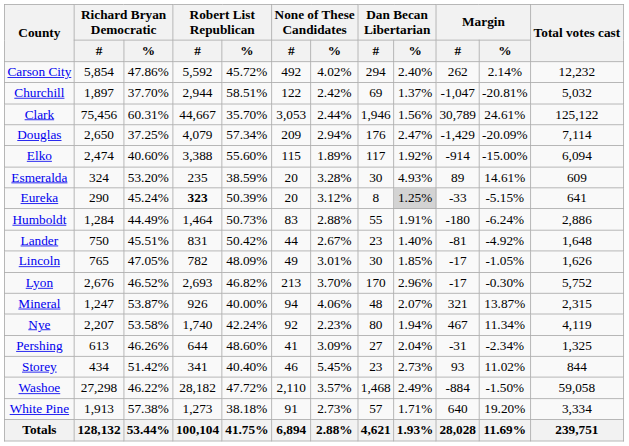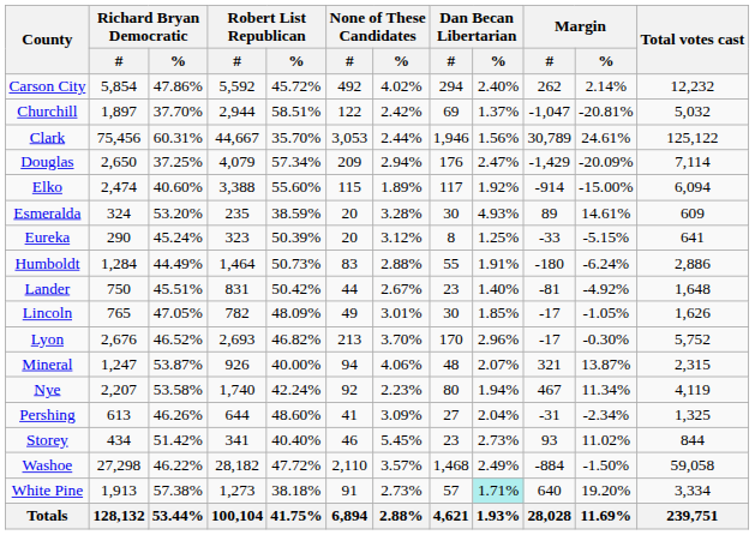 <table class="wikitable sortable" style="text-align:center">
 <tr>
 <th rowspan="2">County</th>
 <th style="text-align:center;" colspan="2">Richard Bryan<br>Democratic</th>
 <th style="text-align:center;" colspan="2">Robert List<br>Republican</th>
 <th style="text-align:center;" colspan="2">None of These<br>Candidates</th>
 <th style="text-align:center;" colspan="2">Dan Becan<br>Libertarian</th>
 <th style="text-align:center;" colspan="2">Margin</th>
 <th style="text-align:center;" rowspan="2">Total votes cast</th>
 </tr>
 <tr>
 <th style="text-align:center;" data-sort-type="number">#</th>
 <th style="text-align:center;" data-sort-type="number">%</th>
 <th style="text-align:center;" data-sort-type="number">#</th>
 <th style="text-align:center;" data-sort-type="number">%</th>
 <th style="text-align:center;" data-sort-type="number">#</th>
 <th style="text-align:center;" data-sort-type="number">%</th>
 <th style="text-align:center;" data-sort-type="number">#</th>
 <th style="text-align:center;" data-sort-type="number">%</th>
 <th style="text-align:center;" data-sort-type="number">#</th>
 <th style="text-align:center;" data-sort-type="number">%</th>
 </tr>
 <tr style="text-align:center;">
 <td><a href='#'>Carson City</a></td>
 <td>5,854</td>
 <td>47.86%</td>
 <td>5,592</td>
 <td>45.72%</td>
 <td>492</td>
 <td>4.02%</td>
 <td>294</td>
 <td>2.40%</td>
 <td>262</td>
 <td>2.14%</td>
 <td>12,232</td>
 </tr>
 <tr style="text-align:center;">
 <td><a href='#'>Churchill</a></td>
 <td>1,897</td>
 <td>37.70%</td>
 <td>2,944</td>
 <td>58.51%</td>
 <td>122</td>
 <td>2.42%</td>
 <td>69</td>
 <td>1.37%</td>
 <td>-1,047</td>
 <td>-20.81%</td>
 <td>5,032</td>
 </tr>
 <tr style="text-align:center;">
 <td><a href='#'>Clark</a></td>
 <td>75,456</td>
 <td>60.31%</td>
 <td>44,667</td>
 <td>35.70%</td>
 <td>3,053</td>
 <td>2.44%</td>
 <td>1,946</td>
 <td>1.56%</td>
 <td>30,789</td>
 <td>24.61%</td>
 <td>125,122</td>
 </tr>
 <tr style="text-align:center;">
 <td><a href='#'>Douglas</a></td>
 <td>2,650</td>
 <td>37.25%</td>
 <td>4,079</td>
 <td>57.34%</td>
 <td>209</td>
 <td>2.94%</td>
 <td>176</td>
 <td>2.47%</td>
 <td>-1,429</td>
 <td>-20.09%</td>
 <td>7,114</td>
 </tr>
 <tr style="text-align:center;">
 <td><a href='#'>Elko</a></td>
 <td>2,474</td>
 <td>40.60%</td>
 <td>3,388</td>
 <td>55.60%</td>
 <td>115</td>
 <td>1.89%</td>
 <td>117</td>
 <td>1.92%</td>
 <td>-914</td>
 <td>-15.00%</td>
 <td>6,094</td>
 </tr>
 <tr style="text-align:center;">
 <td><a href='#'>Esmeralda</a></td>
 <td>324</td>
 <td>53.20%</td>
 <td>235</td>
 <td>38.59%</td>
 <td>20</td>
 <td>3.28%</td>
 <td>30</td>
 <td>4.93%</td>
 <td>89</td>
 <td>14.61%</td>
 <td>609</td>
 </tr>
 <tr style="text-align:center;">
 <td><a href='#'>Eureka</a></td>
 <td>290</td>
 <td>45.24%</td>
-<td><strong>323</strong></td>
+<td>323</td>
 <td>50.39%</td>
 <td>20</td>
 <td>3.12%</td>
 <td>8</td>
-<td style="background: lightgrey;">1.25%</td>
+<td>1.25%</td>
 <td>-33</td>
 <td>-5.15%</td>
 <td>641</td>
 </tr>
 <tr style="text-align:center;">
 <td><a href='#'>Humboldt</a></td>
 <td>1,284</td>
 <td>44.49%</td>
 <td>1,464</td>
 <td>50.73%</td>
 <td>83</td>
 <td>2.88%</td>
 <td>55</td>
 <td>1.91%</td>
 <td>-180</td>
 <td>-6.24%</td>
 <td>2,886</td>
 </tr>
 <tr style="text-align:center;">
 <td><a href='#'>Lander</a></td>
 <td>750</td>
 <td>45.51%</td>
 <td>831</td>
 <td>50.42%</td>
 <td>44</td>
 <td>2.67%</td>
 <td>23</td>
 <td>1.40%</td>
 <td>-81</td>
 <td>-4.92%</td>
 <td>1,648</td>
 </tr>
 <tr style="text-align:center;">
 <td><a href='#'>Lincoln</a></td>
 <td>765</td>
 <td>47.05%</td>
 <td>782</td>
 <td>48.09%</td>
 <td>49</td>
 <td>3.01%</td>
 <td>30</td>
 <td>1.85%</td>
 <td>-17</td>
 <td>-1.05%</td>
 <td>1,626</td>
 </tr>
 <tr style="text-align:center;">
 <td><a href='#'>Lyon</a></td>
 <td>2,676</td>
 <td>46.52%</td>
 <td>2,693</td>
 <td>46.82%</td>
 <td>213</td>
 <td>3.70%</td>
 <td>170</td>
 <td>2.96%</td>
 <td>-17</td>
 <td>-0.30%</td>
 <td>5,752</td>
 </tr>
 <tr style="text-align:center;">
 <td><a href='#'>Mineral</a></td>
 <td>1,247</td>
 <td>53.87%</td>
 <td>926</td>
 <td>40.00%</td>
 <td>94</td>
 <td>4.06%</td>
 <td>48</td>
 <td>2.07%</td>
 <td>321</td>
 <td>13.87%</td>
 <td>2,315</td>
 </tr>
 <tr style="text-align:center;">
 <td><a href='#'>Nye</a></td>
 <td>2,207</td>
 <td>53.58%</td>
 <td>1,740</td>
 <td>42.24%</td>
 <td>92</td>
 <td>2.23%</td>
 <td>80</td>
 <td>1.94%</td>
 <td>467</td>
 <td>11.34%</td>
 <td>4,119</td>
 </tr>
 <tr style="text-align:center;">
 <td><a href='#'>Pershing</a></td>
 <td>613</td>
 <td>46.26%</td>
 <td>644</td>
 <td>48.60%</td>
 <td>41</td>
 <td>3.09%</td>
 <td>27</td>
 <td>2.04%</td>
 <td>-31</td>
 <td>-2.34%</td>
 <td>1,325</td>
 </tr>
 <tr style="text-align:center;">
 <td><a href='#'>Storey</a></td>
 <td>434</td>
 <td>51.42%</td>
 <td>341</td>
 <td>40.40%</td>
 <td>46</td>
 <td>5.45%</td>
 <td>23</td>
 <td>2.73%</td>
 <td>93</td>
 <td>11.02%</td>
 <td>844</td>
 </tr>
 <tr style="text-align:center;">
 <td><a href='#'>Washoe</a></td>
 <td>27,298</td>
 <td>46.22%</td>
 <td>28,182</td>
 <td>47.72%</td>
 <td>2,110</td>
 <td>3.57%</td>
 <td>1,468</td>
 <td>2.49%</td>
 <td>-884</td>
 <td>-1.50%</td>
 <td>59,058</td>
 </tr>
 <tr style="text-align:center;">
 <td><a href='#'>White Pine</a></td>
 <td>1,913</td>
 <td>57.38%</td>
 <td>1,273</td>
 <td>38.18%</td>
 <td>91</td>
 <td>2.73%</td>
 <td>57</td>
-<td>1.71%</td>
+<td style="background: paleturquoise;">1.71%</td>
 <td>640</td>
 <td>19.20%</td>
 <td>3,334</td>
 </tr>
 <tr style="text-align:center;">
 <th>Totals</th>
 <th>128,132</th>
 <th>53.44%</th>
 <th>100,104</th>
 <th>41.75%</th>
 <th>6,894</th>
 <th>2.88%</th>
 <th>4,621</th>
 <th>1.93%</th>
 <th>28,028</th>
 <th>11.69%</th>
 <th>239,751</th>
 </tr>
 </table>
